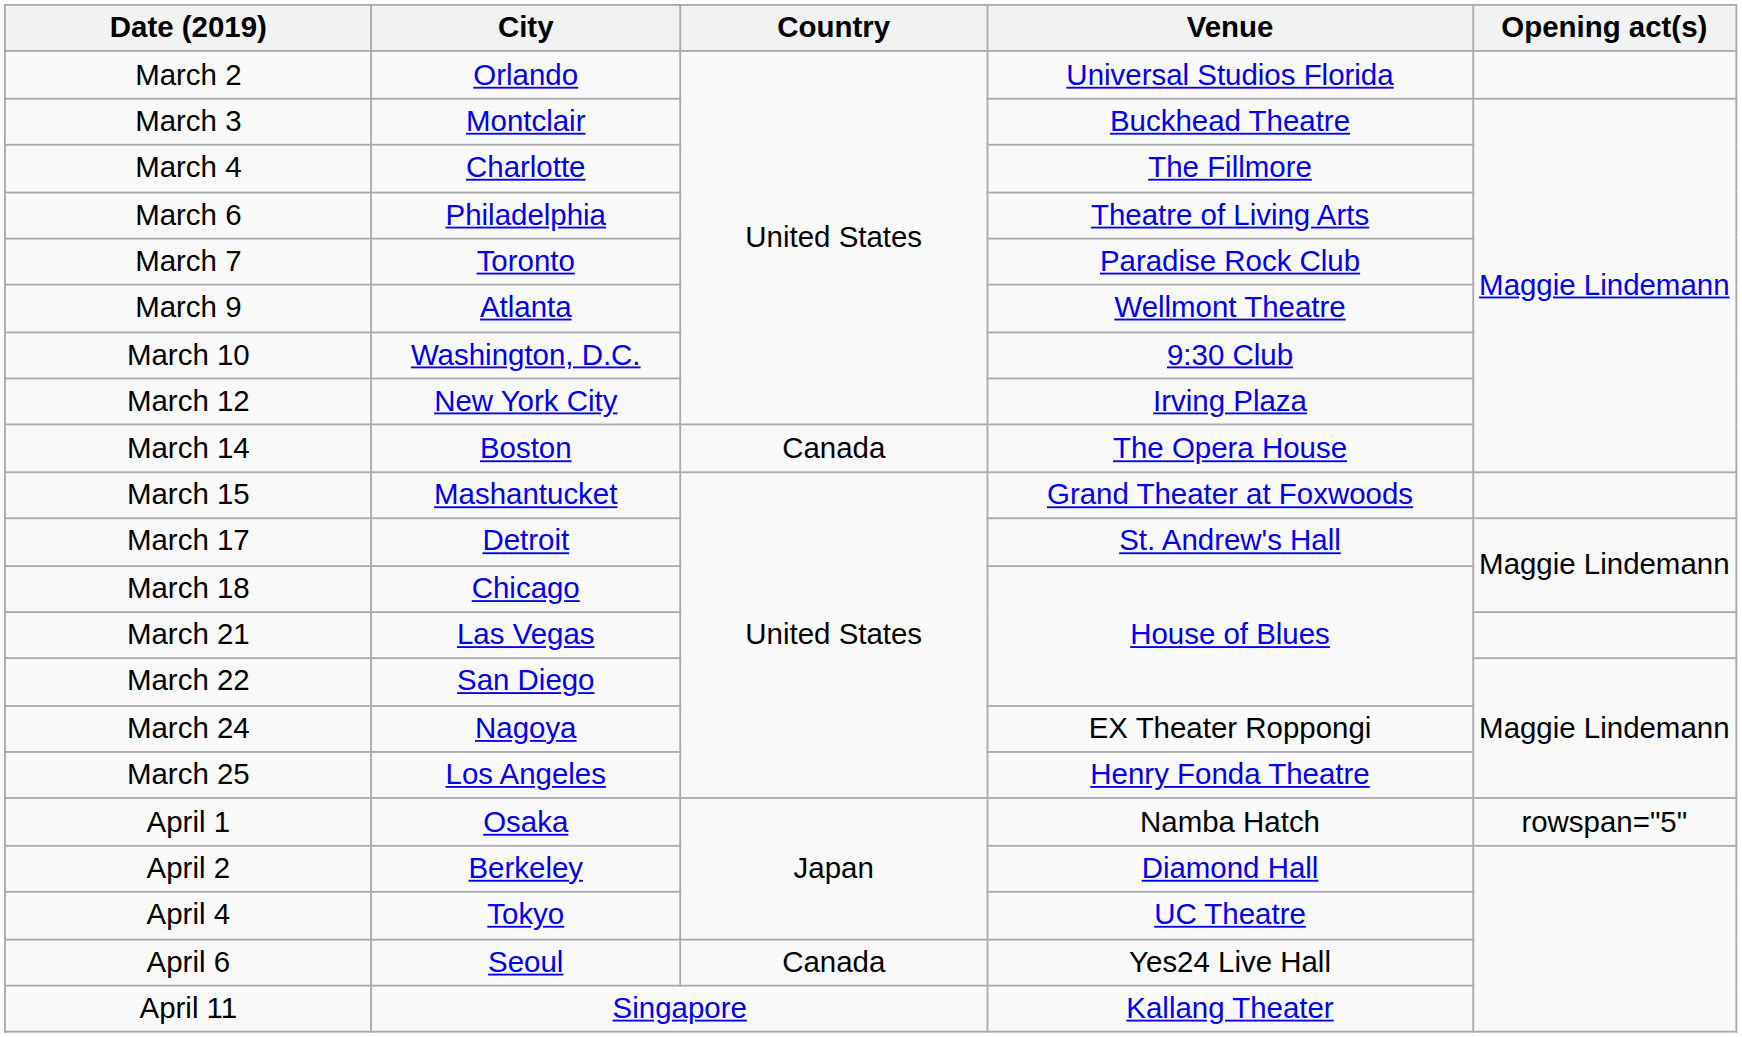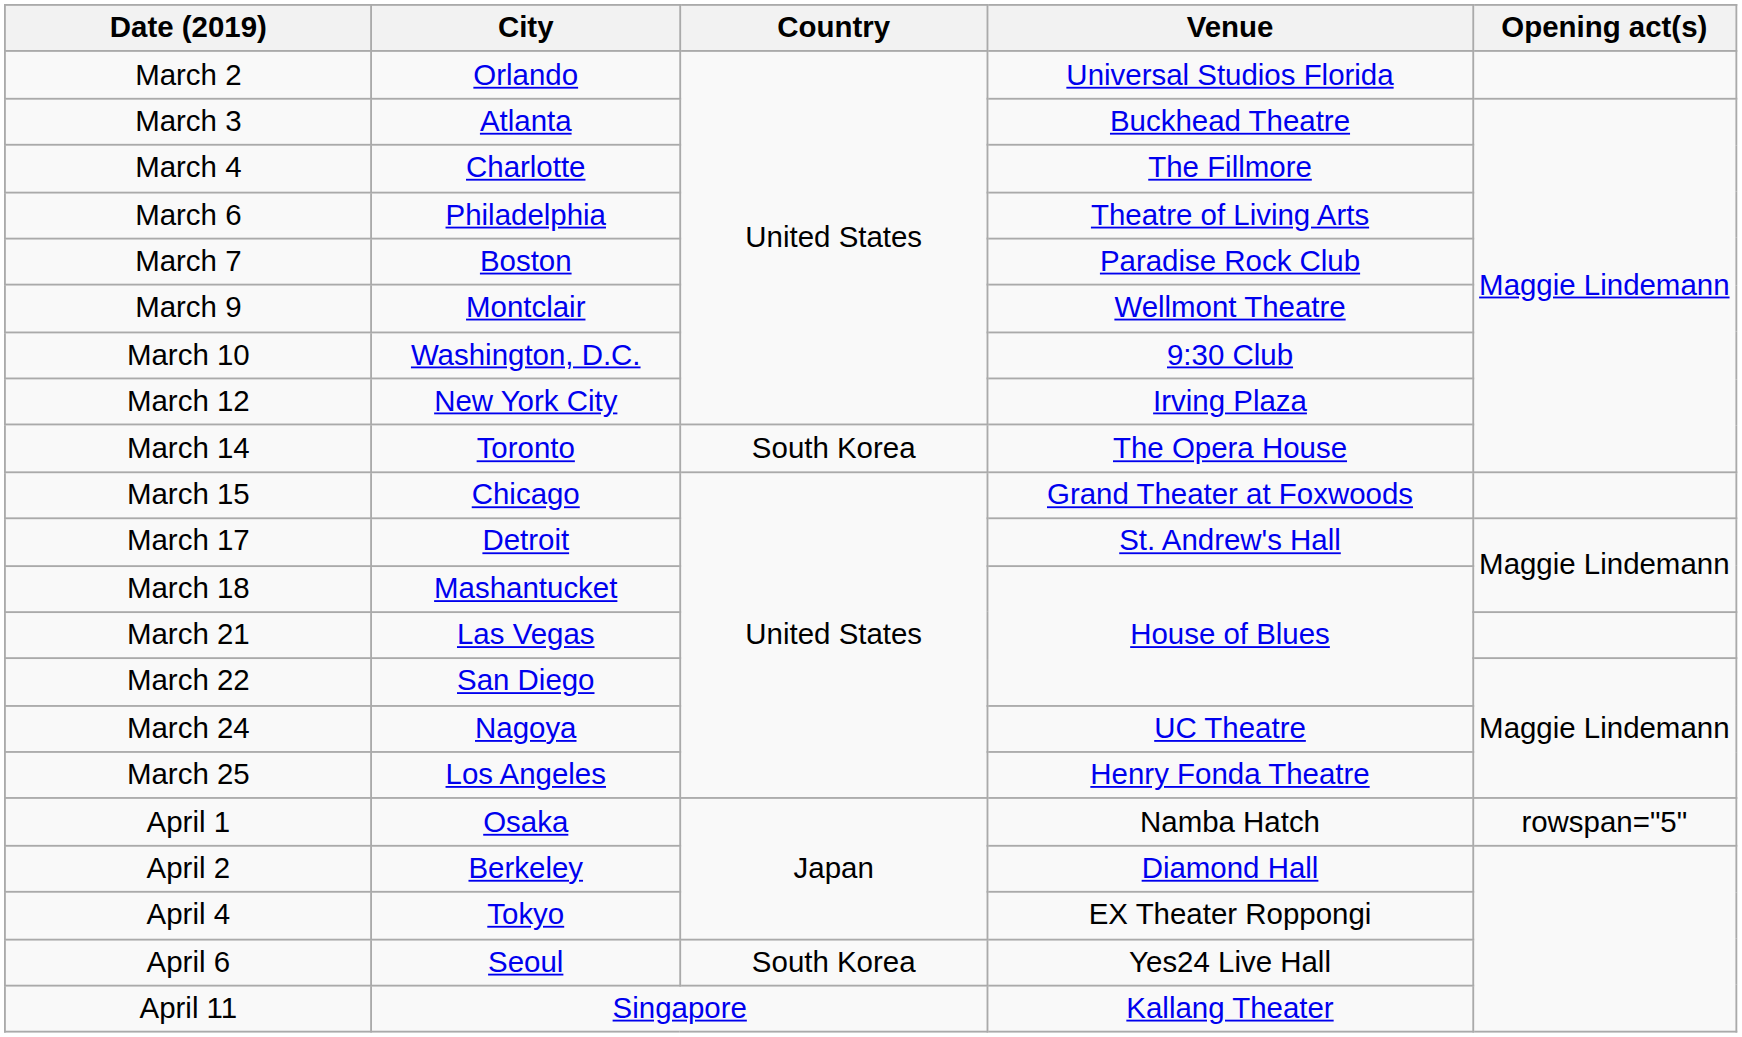 <table class="wikitable" style="text-align:center;">
 <tr>
 <th scope="col" style="width:12em;">Date (2019)</th>
 <th scope="col" style="width:10em;">City</th>
 <th scope="col" style="width:10em;">Country</th>
 <th scope="col" style="width:16em;">Venue</th>
 <th>Opening act(s)</th>
 </tr>
 <tr>
 <td>March 2</td>
 <td><a href='#'>Orlando</a></td>
 <td rowspan="8">United States</td>
 <td><a href='#'>Universal Studios Florida</a></td>
 <td></td>
 </tr>
 <tr>
 <td>March 3</td>
-<td><a href='#'>Montclair</a></td>
+<td><a href='#'>Atlanta</a></td>
 <td><a href='#'>Buckhead Theatre</a></td>
 <td rowspan="8"><a href='#'>Maggie Lindemann</a></td>
 </tr>
 <tr>
 <td>March 4</td>
 <td><a href='#'>Charlotte</a></td>
 <td><a href='#'>The Fillmore</a></td>
 </tr>
 <tr>
 <td>March 6</td>
 <td><a href='#'>Philadelphia</a></td>
 <td><a href='#'>Theatre of Living Arts</a></td>
 </tr>
 <tr>
 <td>March 7</td>
-<td><a href='#'>Toronto</a></td>
+<td><a href='#'>Boston</a></td>
 <td><a href='#'>Paradise Rock Club</a></td>
 </tr>
 <tr>
 <td>March 9</td>
-<td><a href='#'>Atlanta</a></td>
+<td><a href='#'>Montclair</a></td>
 <td><a href='#'>Wellmont Theatre</a></td>
 </tr>
 <tr>
 <td>March 10</td>
 <td><a href='#'>Washington, D.C.</a></td>
 <td><a href='#'>9:30 Club</a></td>
 </tr>
 <tr>
 <td>March 12</td>
 <td><a href='#'>New York City</a></td>
 <td><a href='#'>Irving Plaza</a></td>
 </tr>
 <tr>
 <td>March 14</td>
-<td><a href='#'>Boston</a></td>
-<td>Canada</td>
+<td><a href='#'>Toronto</a></td>
+<td>South Korea</td>
 <td><a href='#'>The Opera House</a></td>
 </tr>
 <tr>
 <td>March 15</td>
-<td><a href='#'>Mashantucket</a></td>
+<td><a href='#'>Chicago</a></td>
 <td rowspan="7">United States</td>
 <td><a href='#'>Grand Theater at Foxwoods</a></td>
 <td></td>
 </tr>
 <tr>
 <td>March 17</td>
 <td><a href='#'>Detroit</a></td>
 <td><a href='#'>St. Andrew's Hall</a></td>
 <td rowspan="2">Maggie Lindemann</td>
 </tr>
 <tr>
 <td>March 18</td>
-<td><a href='#'>Chicago</a></td>
+<td><a href='#'>Mashantucket</a></td>
 <td rowspan="3"><a href='#'>House of Blues</a></td>
 </tr>
 <tr>
 <td>March 21</td>
 <td><a href='#'>Las Vegas</a></td>
 <td></td>
 </tr>
 <tr>
 <td>March 22</td>
 <td><a href='#'>San Diego</a></td>
 <td rowspan="3">Maggie Lindemann</td>
 </tr>
 <tr>
 <td>March 24</td>
 <td><a href='#'>Nagoya</a></td>
-<td>EX Theater Roppongi</td>
+<td><a href='#'>UC Theatre</a></td>
 </tr>
 <tr>
 <td>March 25</td>
 <td><a href='#'>Los Angeles</a></td>
 <td><a href='#'>Henry Fonda Theatre</a></td>
 </tr>
 <tr>
 <td>April 1</td>
 <td><a href='#'>Osaka</a></td>
 <td rowspan="3">Japan</td>
 <td>Namba Hatch</td>
 <td>rowspan="5" </td>
 </tr>
 <tr>
 <td>April 2</td>
 <td><a href='#'>Berkeley</a></td>
 <td><a href='#'>Diamond Hall</a></td>
 </tr>
 <tr>
 <td>April 4</td>
 <td><a href='#'>Tokyo</a></td>
-<td><a href='#'>UC Theatre</a></td>
+<td>EX Theater Roppongi</td>
 </tr>
 <tr>
 <td>April 6</td>
 <td><a href='#'>Seoul</a></td>
-<td>Canada</td>
+<td>South Korea</td>
 <td>Yes24 Live Hall</td>
 </tr>
 <tr>
 <td>April 11</td>
 <td colspan="2"><a href='#'>Singapore</a></td>
 <td><a href='#'>Kallang Theater</a></td>
 </tr>
 </table>
